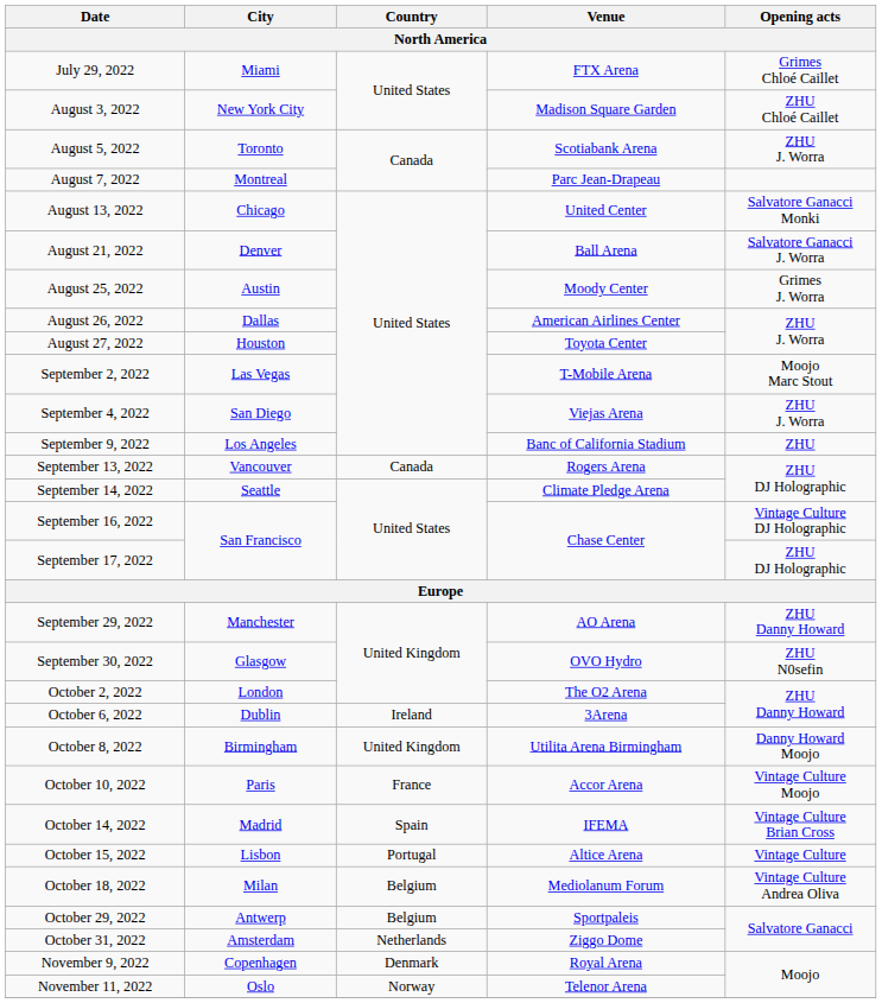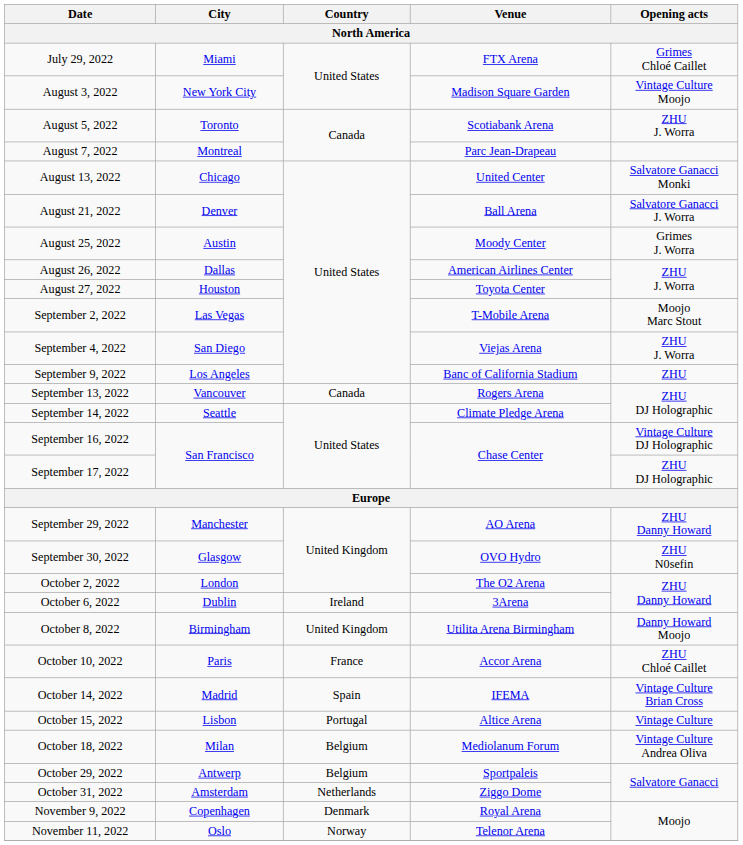 <table class="wikitable plainrowheaders" style="text-align:center;">
 <tr>
 <th scope="col" style="width:12em;">Date</th>
 <th scope="col" style="width:10em;">City</th>
 <th scope="col" style="width:10em;">Country</th>
 <th scope="col" style="width:16em;">Venue</th>
 <th scope="col" style="width:10em;">Opening acts</th>
 </tr>
 <tr>
 <th colspan="5”">North America</th>
 </tr>
 <tr>
 <td>July 29, 2022</td>
 <td><a href='#'>Miami</a></td>
 <td rowspan="2">United States</td>
 <td><a href='#'>FTX Arena</a></td>
 <td><a href='#'>Grimes</a> <br> Chloé Caillet</td>
 </tr>
 <tr>
 <td>August 3, 2022</td>
 <td><a href='#'>New York City</a></td>
 <td><a href='#'>Madison Square Garden</a></td>
-<td><a href='#'>ZHU</a> <br> Chloé Caillet</td>
+<td><a href='#'>Vintage Culture</a> <br> Moojo</td>
 </tr>
 <tr>
 <td>August 5, 2022</td>
 <td><a href='#'>Toronto</a></td>
 <td rowspan="2">Canada</td>
 <td><a href='#'>Scotiabank Arena</a></td>
 <td><a href='#'>ZHU</a> <br> J. Worra</td>
 </tr>
 <tr>
 <td>August 7, 2022</td>
 <td><a href='#'>Montreal</a></td>
 <td><a href='#'>Parc Jean-Drapeau</a></td>
 <td></td>
 </tr>
 <tr>
 <td>August 13, 2022</td>
 <td><a href='#'>Chicago</a></td>
 <td rowspan="8">United States</td>
 <td><a href='#'>United Center</a></td>
 <td><a href='#'>Salvatore Ganacci</a> <br> Monki</td>
 </tr>
 <tr>
 <td>August 21, 2022</td>
 <td><a href='#'>Denver</a></td>
 <td><a href='#'>Ball Arena</a></td>
 <td><a href='#'>Salvatore Ganacci</a> <br> J. Worra</td>
 </tr>
 <tr>
 <td>August 25, 2022</td>
 <td><a href='#'>Austin</a></td>
 <td><a href='#'>Moody Center</a></td>
 <td>Grimes <br> J. Worra</td>
 </tr>
 <tr>
 <td>August 26, 2022</td>
 <td><a href='#'>Dallas</a></td>
 <td><a href='#'>American Airlines Center</a></td>
 <td rowspan="2"><a href='#'>ZHU</a> <br> J. Worra</td>
 </tr>
 <tr>
 <td>August 27, 2022</td>
 <td><a href='#'>Houston</a></td>
 <td><a href='#'>Toyota Center</a></td>
 </tr>
 <tr>
 <td>September 2, 2022</td>
 <td><a href='#'>Las Vegas</a></td>
 <td><a href='#'>T-Mobile Arena</a></td>
 <td>Moojo <br> Marc Stout</td>
 </tr>
 <tr>
 <td>September 4, 2022</td>
 <td><a href='#'>San Diego</a></td>
 <td><a href='#'>Viejas Arena</a></td>
 <td><a href='#'>ZHU</a> <br> J. Worra</td>
 </tr>
 <tr>
 <td>September 9, 2022</td>
 <td><a href='#'>Los Angeles</a></td>
 <td><a href='#'>Banc of California Stadium</a></td>
 <td><a href='#'>ZHU</a></td>
 </tr>
 <tr>
 <td>September 13, 2022</td>
 <td><a href='#'>Vancouver</a></td>
 <td>Canada</td>
 <td><a href='#'>Rogers Arena</a></td>
 <td rowspan="2"><a href='#'>ZHU</a> <br> DJ Holographic</td>
 </tr>
 <tr>
 <td>September 14, 2022</td>
 <td><a href='#'>Seattle</a></td>
 <td rowspan="3">United States</td>
 <td><a href='#'>Climate Pledge Arena</a></td>
 </tr>
 <tr>
 <td>September 16, 2022</td>
 <td rowspan="2"><a href='#'>San Francisco</a></td>
 <td rowspan="2"><a href='#'>Chase Center</a></td>
 <td><a href='#'>Vintage Culture</a> <br> DJ Holographic</td>
 </tr>
 <tr>
 <td>September 17, 2022</td>
 <td><a href='#'>ZHU</a> <br> DJ Holographic</td>
 </tr>
 <tr>
 <th colspan="5">Europe</th>
 </tr>
 <tr>
 <td>September 29, 2022</td>
 <td><a href='#'>Manchester</a></td>
 <td rowspan="3">United Kingdom</td>
 <td><a href='#'>AO Arena</a></td>
 <td><a href='#'>ZHU</a> <br> <a href='#'>Danny Howard</a></td>
 </tr>
 <tr>
 <td>September 30, 2022</td>
 <td><a href='#'>Glasgow</a></td>
 <td><a href='#'>OVO Hydro</a></td>
 <td><a href='#'>ZHU</a> <br> N0sefin</td>
 </tr>
 <tr>
 <td>October 2, 2022</td>
 <td><a href='#'>London</a></td>
 <td><a href='#'>The O2 Arena</a></td>
 <td rowspan="2"><a href='#'>ZHU</a> <br> <a href='#'>Danny Howard</a></td>
 </tr>
 <tr>
 <td>October 6, 2022</td>
 <td><a href='#'>Dublin</a></td>
 <td>Ireland</td>
 <td><a href='#'>3Arena</a></td>
 </tr>
 <tr>
 <td>October 8, 2022</td>
 <td><a href='#'>Birmingham</a></td>
 <td>United Kingdom</td>
 <td><a href='#'>Utilita Arena Birmingham</a></td>
 <td><a href='#'>Danny Howard</a> <br> Moojo</td>
 </tr>
 <tr>
 <td>October 10, 2022</td>
 <td><a href='#'>Paris</a></td>
 <td>France</td>
 <td><a href='#'>Accor Arena</a></td>
-<td><a href='#'>Vintage Culture</a> <br> Moojo</td>
+<td><a href='#'>ZHU</a> <br> Chloé Caillet</td>
 </tr>
 <tr>
 <td>October 14, 2022</td>
 <td><a href='#'>Madrid</a></td>
 <td>Spain</td>
 <td><a href='#'>IFEMA</a></td>
 <td><a href='#'>Vintage Culture</a> <br> <a href='#'>Brian Cross</a></td>
 </tr>
 <tr>
 <td>October 15, 2022</td>
 <td><a href='#'>Lisbon</a></td>
 <td>Portugal</td>
 <td><a href='#'>Altice Arena</a></td>
 <td><a href='#'>Vintage Culture</a></td>
 </tr>
 <tr>
 <td>October 18, 2022</td>
 <td><a href='#'>Milan</a></td>
 <td>Belgium</td>
 <td><a href='#'>Mediolanum Forum</a></td>
 <td><a href='#'>Vintage Culture</a> <br> Andrea Oliva</td>
 </tr>
 <tr>
 <td>October 29, 2022</td>
 <td><a href='#'>Antwerp</a></td>
 <td>Belgium</td>
 <td><a href='#'>Sportpaleis</a></td>
 <td rowspan="2"><a href='#'>Salvatore Ganacci</a></td>
 </tr>
 <tr>
 <td>October 31, 2022</td>
 <td><a href='#'>Amsterdam</a></td>
 <td>Netherlands</td>
 <td><a href='#'>Ziggo Dome</a></td>
 </tr>
 <tr>
 <td>November 9, 2022</td>
 <td><a href='#'>Copenhagen</a></td>
 <td>Denmark</td>
 <td><a href='#'>Royal Arena</a></td>
 <td rowspan="2">Moojo</td>
 </tr>
 <tr>
 <td>November 11, 2022</td>
 <td><a href='#'>Oslo</a></td>
 <td>Norway</td>
 <td><a href='#'>Telenor Arena</a></td>
 </tr>
 <tr>
 </tr>
 </table>
